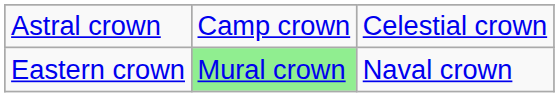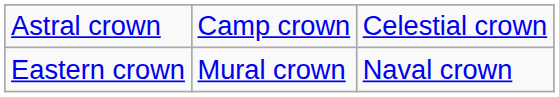 <table class="wikitable">
 <tr>
 <td> <a href='#'>Astral crown</a></td>
 <td> <a href='#'>Camp crown</a></td>
 <td> <a href='#'>Celestial crown</a></td>
 </tr>
 <tr>
 <td> <a href='#'>Eastern crown</a></td>
-<td style="background: lightgreen;"> <a href='#'>Mural crown</a></td>
+<td> <a href='#'>Mural crown</a></td>
 <td> <a href='#'>Naval crown</a></td>
 </tr>
 </table>
